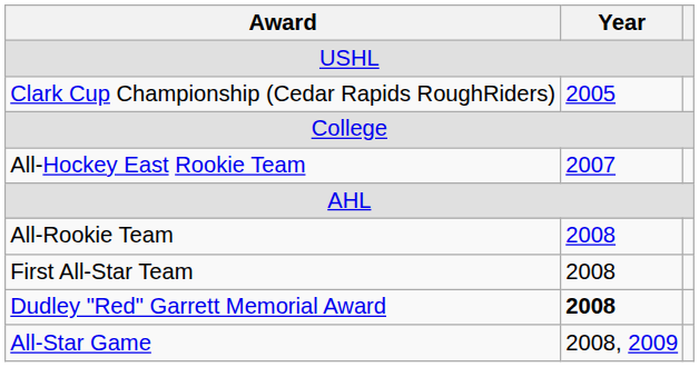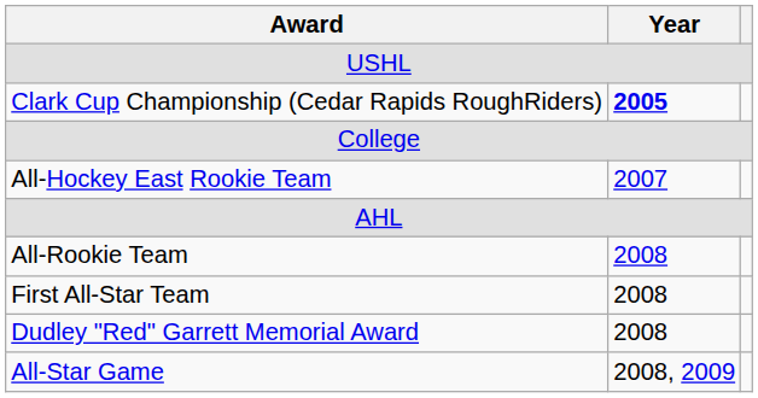 <table class="wikitable">
 <tr>
 <th>Award</th>
 <th>Year</th>
 <th></th>
 </tr>
 <tr ALIGN="center" bgcolor="#e0e0e0">
 <td colspan="3"><a href='#'>USHL</a></td>
 </tr>
 <tr>
 <td><a href='#'>Clark Cup</a> Championship (Cedar Rapids RoughRiders)</td>
-<td><a href='#'>2005</a></td>
+<td><strong><a href='#'>2005</a></strong></td>
 <td></td>
 </tr>
 <tr ALIGN="center" bgcolor="#e0e0e0">
 <td colspan="3"><a href='#'>College</a></td>
 </tr>
 <tr>
 <td>All-<a href='#'>Hockey East</a> <a href='#'>Rookie Team</a></td>
 <td><a href='#'>2007</a></td>
 <td></td>
 </tr>
 <tr ALIGN="center" bgcolor="#e0e0e0">
 <td colspan="3"><a href='#'>AHL</a></td>
 </tr>
 <tr>
 <td>All-Rookie Team</td>
 <td><a href='#'>2008</a></td>
 <td></td>
 </tr>
 <tr>
 <td>First All-Star Team</td>
 <td>2008</td>
 <td></td>
 </tr>
 <tr>
 <td><a href='#'>Dudley "Red" Garrett Memorial Award</a></td>
-<td><strong>2008</strong></td>
+<td>2008</td>
 <td></td>
 </tr>
 <tr>
 <td><a href='#'>All-Star Game</a></td>
 <td>2008, <a href='#'>2009</a></td>
 <td></td>
 </tr>
 </table>
